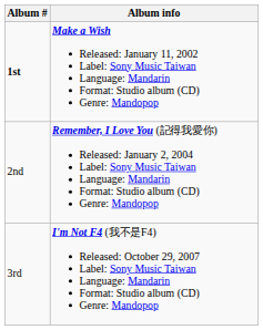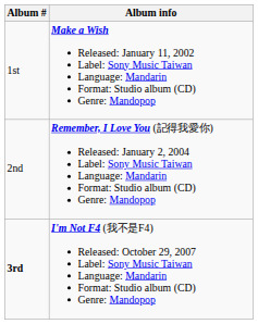 <table class="wikitable">
 <tr>
 <th>Album #</th>
 <th style="width:300px;">Album info</th>
 </tr>
 <tr>
-<td><strong>1st</strong></td>
+<td>1st</td>
 <td><strong><em><a href='#'>Make a Wish</a></em></strong><br><ul><li>Released: January 11, 2002</li><li>Label: <a href='#'>Sony Music Taiwan</a></li><li>Language: <a href='#'>Mandarin</a></li><li>Format: Studio album (CD)</li><li>Genre: <a href='#'>Mandopop</a></li></ul></td>
 </tr>
 <tr>
 <td>2nd</td>
 <td><strong><em><a href='#'>Remember, I Love You</a></em></strong> (記得我愛你)<br><ul><li>Released: January 2, 2004</li><li>Label: <a href='#'>Sony Music Taiwan</a></li><li>Language: <a href='#'>Mandarin</a></li><li>Format: Studio album (CD)</li><li>Genre: <a href='#'>Mandopop</a></li></ul></td>
 </tr>
 <tr>
-<td>3rd</td>
+<td><strong>3rd</strong></td>
 <td><strong><em><a href='#'>I'm Not F4</a></em></strong> (我不是F4)<br><ul><li>Released: October 29, 2007</li><li>Label: <a href='#'>Sony Music Taiwan</a></li><li>Language: <a href='#'>Mandarin</a></li><li>Format: Studio album (CD)</li><li>Genre: <a href='#'>Mandopop</a></li></ul></td>
 </tr>
 </table>
